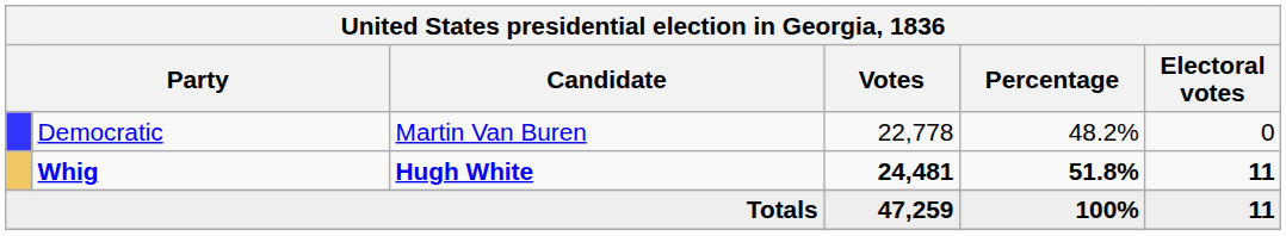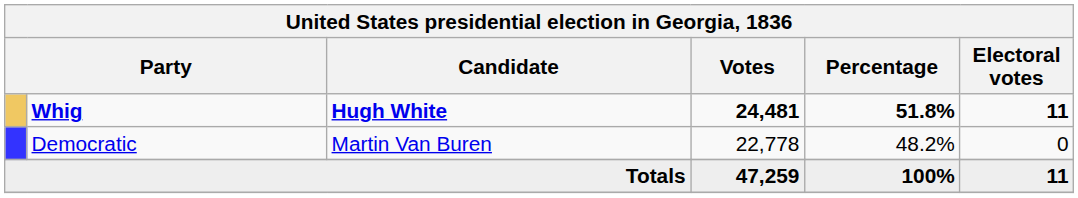 <table class="wikitable" style="font-size: 95%;">
 <tr>
 <th colspan="6">United States presidential election in Georgia, 1836</th>
 </tr>
 <tr>
 <th colspan="2" style="width: 15em">Party</th>
 <th style="width: 17em">Candidate</th>
 <th style="width: 5em">Votes</th>
 <th style="width: 7em">Percentage</th>
 <th style="width: 5em">Electoral votes</th>
 </tr>
 <tr>
+<th style="background-color:#F0C862; width: 3px"></th>
+<td style="width: 130px"><strong><a href='#'>Whig</a></strong></td>
+<td><strong><a href='#'>Hugh White</a></strong></td>
+<td align="right"><strong>24,481</strong></td>
+<td align="right"><strong>51.8%</strong></td>
+<td align="right"><strong>11</strong></td>
+</tr>
+<tr>
 <th style="background-color:#3333FF; width: 3px"></th>
 <td style="width: 130px"><a href='#'>Democratic</a></td>
 <td><a href='#'>Martin Van Buren</a></td>
 <td align="right">22,778</td>
 <td align="right">48.2%</td>
 <td align="right">0</td>
-</tr>
-<tr>
-<th style="background-color:#F0C862; width: 3px"></th>
-<td style="width: 130px"><strong><a href='#'>Whig</a></strong></td>
-<td><strong><a href='#'>Hugh White</a></strong></td>
-<td align="right"><strong>24,481</strong></td>
-<td align="right"><strong>51.8%</strong></td>
-<td align="right"><strong>11</strong></td>
 </tr>
 <tr>
 </tr>
 <tr bgcolor="#EEEEEE">
 <td colspan="3" align="right"><strong>Totals</strong></td>
 <td align="right"><strong>47,259</strong></td>
 <td align="right"><strong>100%</strong></td>
 <td align="right"><strong>11</strong></td>
 </tr>
 <tr>
 </tr>
 </table>
